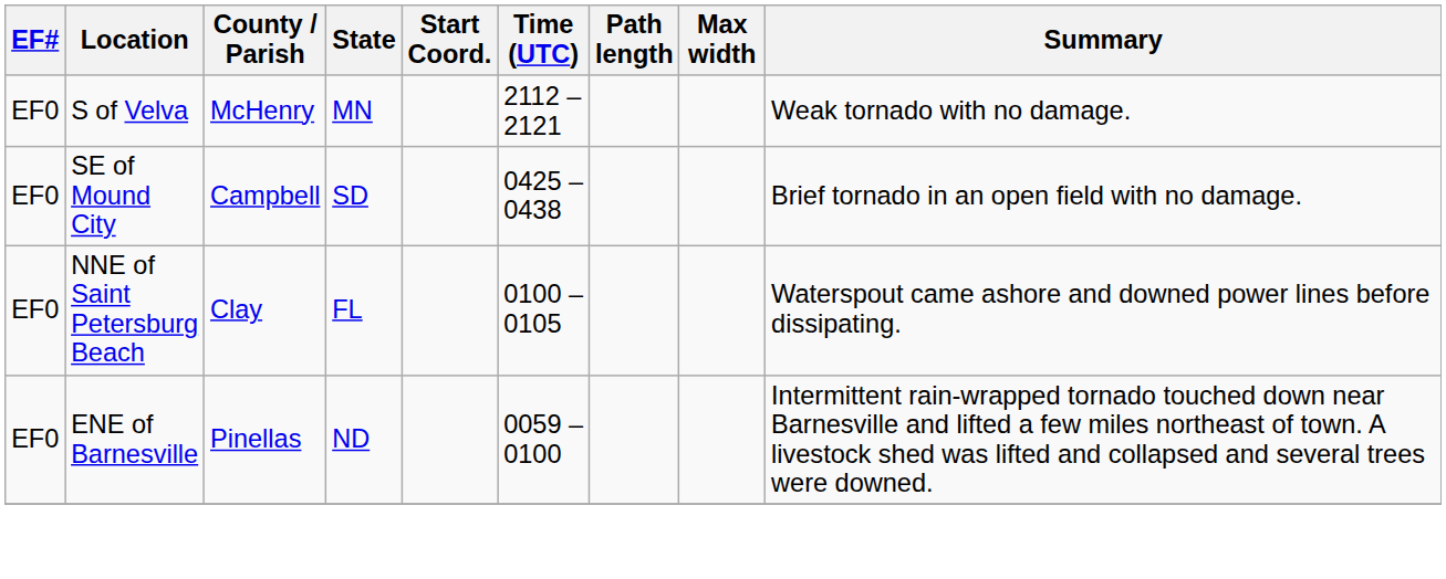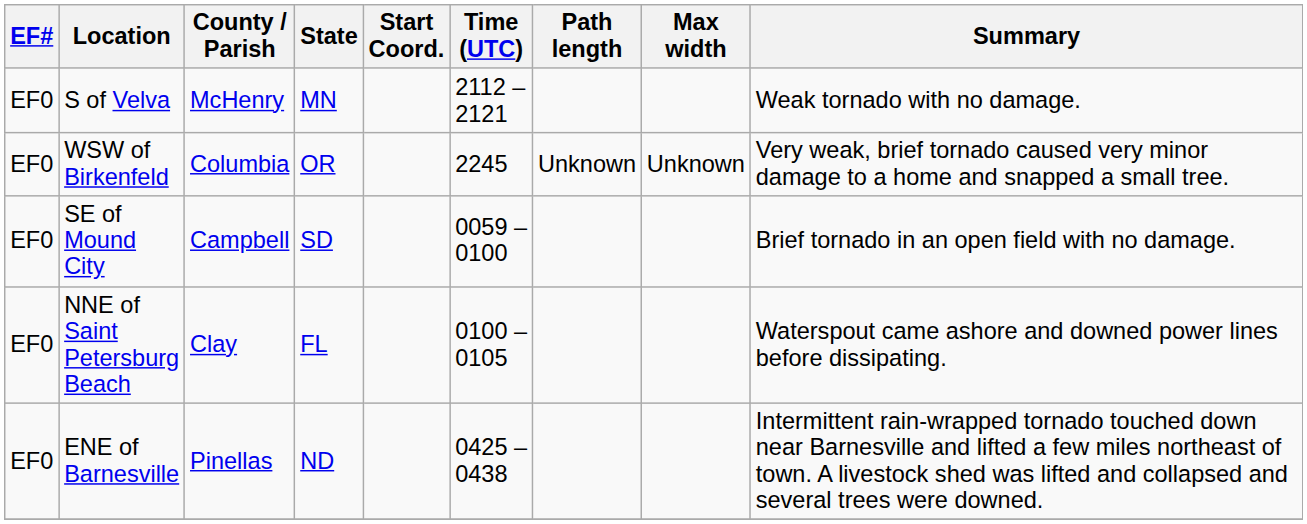 <table class="wikitable sortable" style="width:100%;">
 <tr>
 <th scope="col" width="3%" align="center"><a href='#'>EF#</a></th>
 <th scope="col" width="7%" align="center" class="unsortable">Location</th>
 <th scope="col" width="6%" align="center" class="unsortable">County / Parish</th>
 <th scope="col" width="5%" align="center">State</th>
 <th scope="col" width="6%" align="center">Start Coord.</th>
 <th scope="col" width="6%" align="center">Time (<a href='#'>UTC</a>)</th>
 <th scope="col" width="6%" align="center">Path length</th>
 <th scope="col" width="6%" align="center">Max width</th>
 <th scope="col" width="48%" class="unsortable" align="center">Summary</th>
 </tr>
 <tr>
 <td>EF0</td>
 <td>S of <a href='#'>Velva</a></td>
 <td><a href='#'>McHenry</a></td>
 <td><a href='#'>MN</a></td>
 <td></td>
 <td>2112 – 2121</td>
 <td></td>
 <td></td>
 <td>Weak tornado with no damage.</td>
 </tr>
 <tr>
 <td>EF0</td>
+<td>WSW of <a href='#'>Birkenfeld</a></td>
+<td><a href='#'>Columbia</a></td>
+<td><a href='#'>OR</a></td>
+<td></td>
+<td>2245</td>
+<td>Unknown</td>
+<td>Unknown</td>
+<td>Very weak, brief tornado caused very minor damage to a home and snapped a small tree.</td>
+</tr>
+<tr>
+<td>EF0</td>
 <td>SE of <a href='#'>Mound City</a></td>
 <td><a href='#'>Campbell</a></td>
 <td><a href='#'>SD</a></td>
 <td></td>
-<td>0425 – 0438</td>
+<td>0059 – 0100</td>
 <td></td>
 <td></td>
 <td>Brief tornado in an open field with no damage.</td>
 </tr>
 <tr>
 <td>EF0</td>
 <td>NNE of <a href='#'>Saint Petersburg Beach</a></td>
 <td><a href='#'>Clay</a></td>
 <td><a href='#'>FL</a></td>
 <td></td>
 <td>0100 – 0105</td>
 <td></td>
 <td></td>
 <td>Waterspout came ashore and downed power lines before dissipating.</td>
 </tr>
 <tr>
 <td>EF0</td>
 <td>ENE of <a href='#'>Barnesville</a></td>
 <td><a href='#'>Pinellas</a></td>
 <td><a href='#'>ND</a></td>
 <td></td>
-<td>0059 – 0100</td>
+<td>0425 – 0438</td>
 <td></td>
 <td></td>
 <td>Intermittent rain-wrapped tornado touched down near Barnesville and lifted a few miles northeast of town. A livestock shed was lifted and collapsed and several trees were downed.</td>
 </tr>
 <tr>
 </tr>
 </table>
